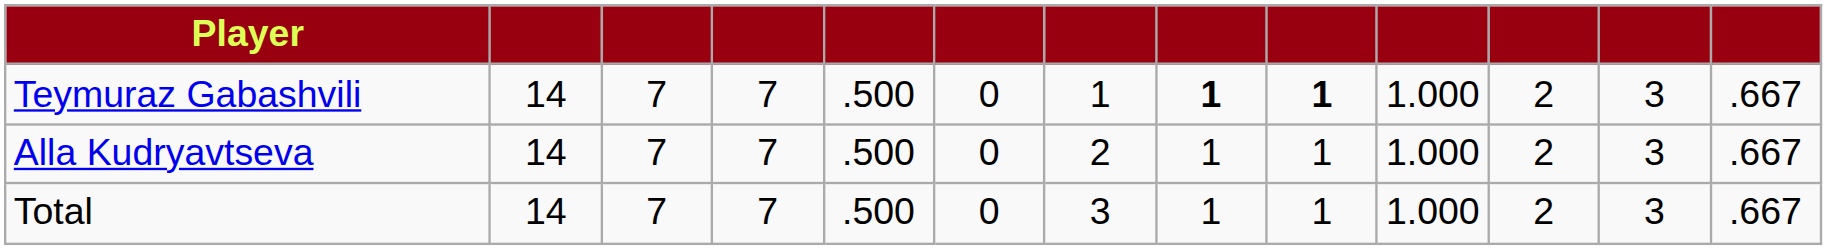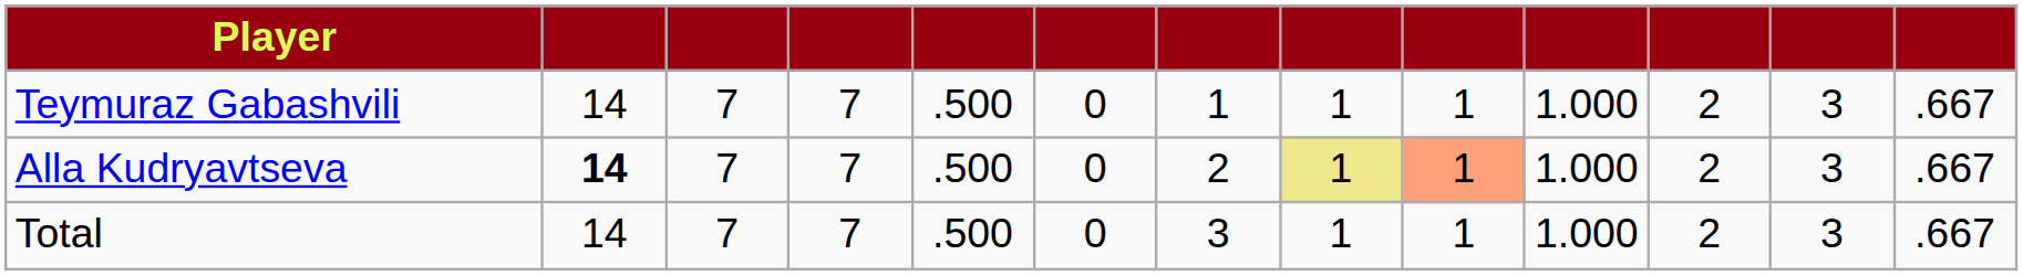 <table class="wikitable" style="text-align:center">
 <tr>
 <th style="background:#98000F; color:#DDFF55" width="200px">Player</th>
 <th style="background:#98000F; color:#DDFF55" width="40px"></th>
 <th style="background:#98000F; color:#DDFF55" width="40px"></th>
 <th style="background:#98000F; color:#DDFF55" width="40px"></th>
 <th style="background:#98000F; color:#DDFF55" width="40px"></th>
 <th style="background:#98000F; color:#DDFF55" width="40px"></th>
 <th style="background:#98000F; color:#DDFF55" width="40px"></th>
 <th style="background:#98000F; color:#DDFF55" width="40px"></th>
 <th style="background:#98000F; color:#DDFF55" width="40px"></th>
 <th style="background:#98000F; color:#DDFF55" width="40px"></th>
 <th style="background:#98000F; color:#DDFF55" width="40px"></th>
 <th style="background:#98000F; color:#DDFF55" width="40px"></th>
 <th style="background:#98000F; color:#DDFF55" width="40px"></th>
 </tr>
 <tr>
 <td style="text-align:left"><a href='#'>Teymuraz Gabashvili</a></td>
 <td>14</td>
 <td>7</td>
 <td>7</td>
 <td>.500</td>
 <td>0</td>
 <td>1</td>
-<td><strong>1</strong></td>
-<td><strong>1</strong></td>
+<td>1</td>
+<td>1</td>
 <td>1.000</td>
 <td>2</td>
 <td>3</td>
 <td>.667</td>
 </tr>
 <tr>
 <td style="text-align:left"><a href='#'>Alla Kudryavtseva</a></td>
-<td>14</td>
+<td><strong>14</strong></td>
 <td>7</td>
 <td>7</td>
 <td>.500</td>
 <td>0</td>
 <td>2</td>
-<td>1</td>
-<td>1</td>
+<td style="background: khaki;">1</td>
+<td style="background: lightsalmon;">1</td>
 <td>1.000</td>
 <td>2</td>
 <td>3</td>
 <td>.667</td>
 </tr>
 <tr>
 <td style="text-align:left">Total</td>
 <td>14</td>
 <td>7</td>
 <td>7</td>
 <td>.500</td>
 <td>0</td>
 <td>3</td>
 <td>1</td>
 <td>1</td>
 <td>1.000</td>
 <td>2</td>
 <td>3</td>
 <td>.667</td>
 </tr>
 </table>
